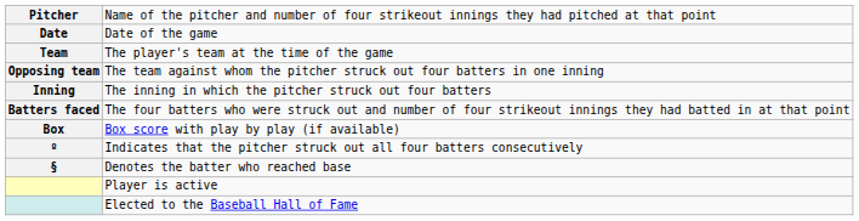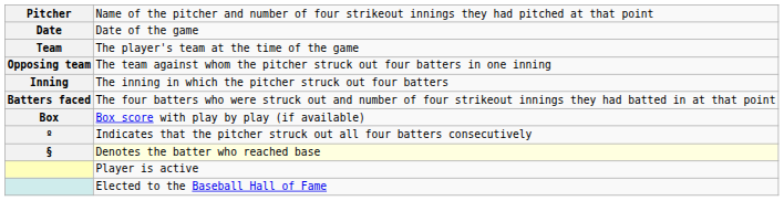 <table class="wikitable plainrowheaders">
 <tr>
 <th scope="row" style="text-align:center"><strong>Pitcher</strong> </th>
 <td>Name of the pitcher and number of four strikeout innings they had pitched at that point</td>
 </tr>
 <tr>
 <th scope="row" style="text-align:center"><strong>Date</strong></th>
 <td>Date of the game</td>
 </tr>
 <tr>
 <th scope="row" style="text-align:center"><strong>Team</strong></th>
 <td>The player's team at the time of the game</td>
 </tr>
 <tr>
 <th scope="row" style="text-align:center"><strong>Opposing team</strong></th>
 <td>The team against whom the pitcher struck out four batters in one inning</td>
 </tr>
 <tr>
 <th scope="row" style="text-align:center"><strong>Inning</strong></th>
 <td>The inning in which the pitcher struck out four batters</td>
 </tr>
 <tr>
 <th scope="row" style="text-align:center"><strong>Batters faced</strong> </th>
 <td>The four batters who were struck out and number of four strikeout innings they had batted in at that point</td>
 </tr>
 <tr>
 <th scope="row" style="text-align:center"><strong>Box</strong></th>
 <td><a href='#'>Box score</a> with play by play (if available)</td>
 </tr>
 <tr>
 <th scope="row" style="text-align:center">º</th>
 <td>Indicates that the pitcher struck out all four batters consecutively</td>
 </tr>
 <tr>
 <th scope="row" style="text-align:center">§</th>
-<td>Denotes the batter who reached base</td>
+<td style="background: lightyellow;">Denotes the batter who reached base</td>
 </tr>
 <tr>
 <th scope="row" style="text-align:center; background:#ffb;"></th>
 <td>Player is active</td>
 </tr>
 <tr>
 <th scope="row" style="text-align:center; background:#cfecec;"></th>
 <td>Elected to the <a href='#'>Baseball Hall of Fame</a></td>
 </tr>
 </table>
